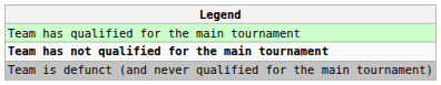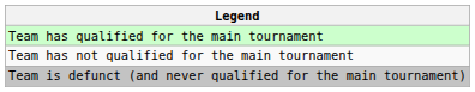 <table class="wikitable">
 <tr>
 <th>Legend</th>
 </tr>
 <tr style="background:#cfc">
 <td>Team has qualified for the main tournament</td>
 </tr>
 <tr>
-<td><strong>Team has not qualified for the main tournament</strong></td>
+<td>Team has not qualified for the main tournament</td>
 </tr>
 <tr style="background:#C3C3C3">
 <td>Team is defunct (and never qualified for the main tournament)</td>
 </tr>
 </table>
